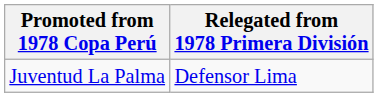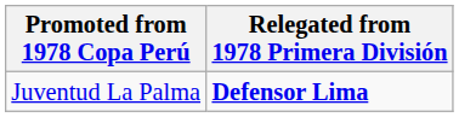 <table class="wikitable">
 <tr>
 <th>Promoted from<br><a href='#'>1978 Copa Perú</a></th>
 <th>Relegated from<br><a href='#'>1978 Primera División</a></th>
 </tr>
 <tr>
 <td> <a href='#'>Juventud La Palma</a> </td>
-<td> <a href='#'>Defensor Lima</a> </td>
+<td><strong> <a href='#'>Defensor Lima</a> </strong></td>
 </tr>
 </table>
